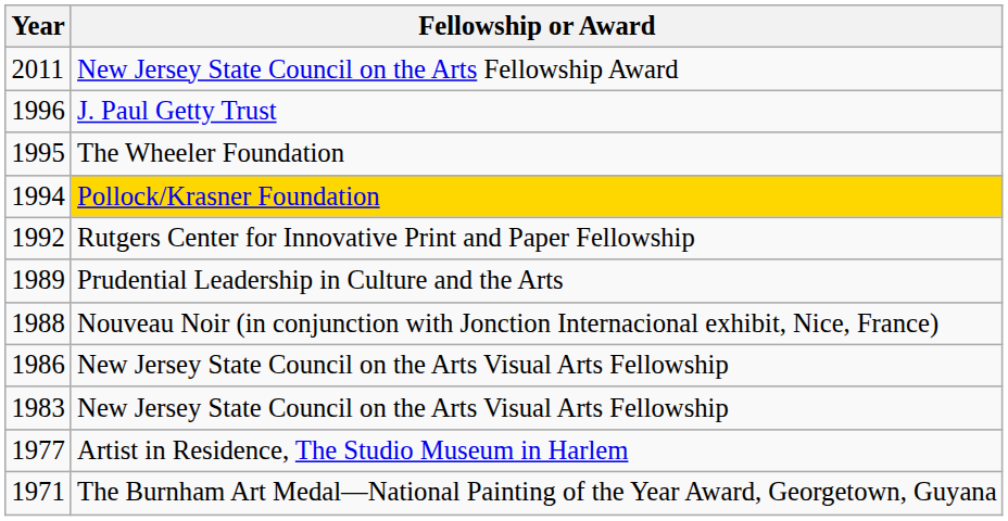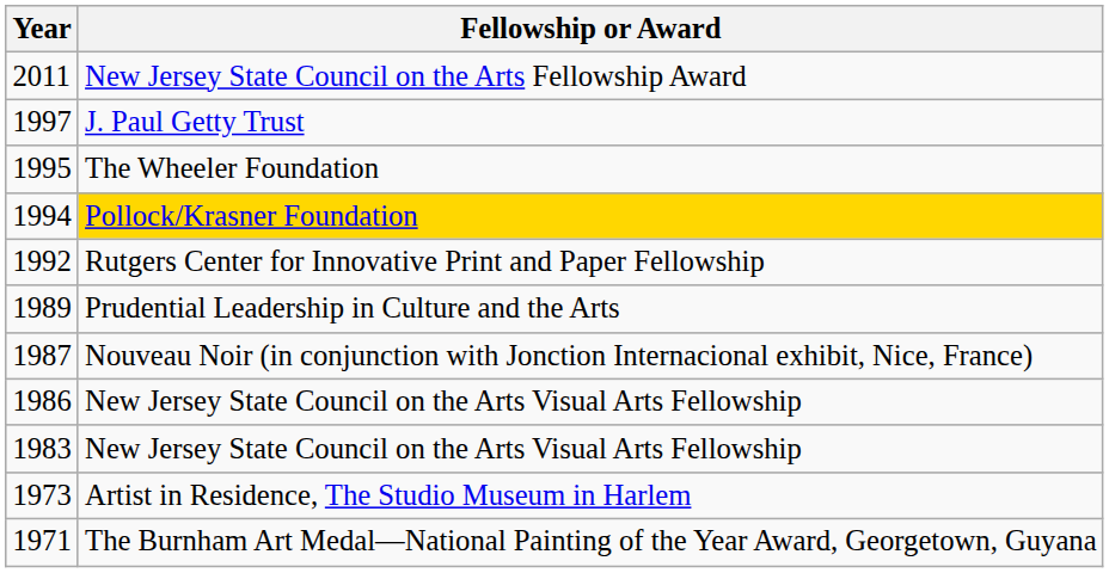 <table class="wikitable">
 <tr>
 <th>Year</th>
 <th>Fellowship or Award</th>
 </tr>
 <tr>
 <td>2011</td>
 <td><a href='#'>New Jersey State Council on the Arts</a> Fellowship Award</td>
 </tr>
 <tr>
-<td>1996</td>
+<td>1997</td>
 <td><a href='#'>J. Paul Getty Trust</a></td>
 </tr>
 <tr>
 <td>1995</td>
 <td>The Wheeler Foundation</td>
 </tr>
 <tr>
 <td>1994</td>
 <td style="background: gold;"><a href='#'>Pollock/Krasner Foundation</a></td>
 </tr>
 <tr>
 <td>1992</td>
 <td>Rutgers Center for Innovative Print and Paper Fellowship</td>
 </tr>
 <tr>
 <td>1989</td>
 <td>Prudential Leadership in Culture and the Arts</td>
 </tr>
 <tr>
-<td>1988</td>
+<td>1987</td>
 <td>Nouveau Noir (in conjunction with Jonction Internacional exhibit, Nice, France)</td>
 </tr>
 <tr>
 <td>1986</td>
 <td>New Jersey State Council on the Arts Visual Arts Fellowship</td>
 </tr>
 <tr>
 <td>1983</td>
 <td>New Jersey State Council on the Arts Visual Arts Fellowship</td>
 </tr>
 <tr>
-<td>1977</td>
+<td>1973</td>
 <td>Artist in Residence, <a href='#'>The Studio Museum in Harlem</a></td>
 </tr>
 <tr>
 <td>1971</td>
 <td>The Burnham Art Medal—National Painting of the Year Award, Georgetown, Guyana</td>
 </tr>
 </table>
